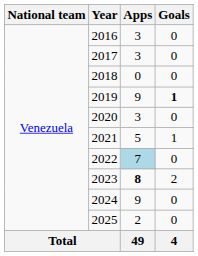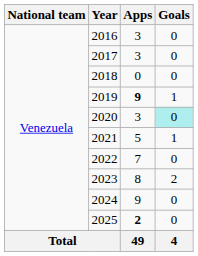 <table class="wikitable" style="text-align:center">
 <tr>
 <th>National team</th>
 <th>Year</th>
 <th>Apps</th>
 <th>Goals</th>
 </tr>
 <tr>
 <td rowspan="10"><a href='#'>Venezuela</a></td>
 <td>2016</td>
 <td>3</td>
 <td>0</td>
 </tr>
 <tr>
 <td>2017</td>
 <td>3</td>
 <td>0</td>
 </tr>
 <tr>
 <td>2018</td>
 <td>0</td>
 <td>0</td>
 </tr>
 <tr>
 <td>2019</td>
-<td>9</td>
-<td><strong>1</strong></td>
+<td><strong>9</strong></td>
+<td>1</td>
 </tr>
 <tr>
 <td>2020</td>
 <td>3</td>
-<td>0</td>
+<td style="background: paleturquoise;">0</td>
 </tr>
 <tr>
 <td>2021</td>
 <td>5</td>
 <td>1</td>
 </tr>
 <tr>
 <td>2022</td>
-<td style="background: lightblue;">7</td>
+<td>7</td>
 <td>0</td>
 </tr>
 <tr>
 <td>2023</td>
-<td><strong>8</strong></td>
+<td>8</td>
 <td>2</td>
 </tr>
 <tr>
 <td>2024</td>
 <td>9</td>
 <td>0</td>
 </tr>
 <tr>
 <td>2025</td>
-<td>2</td>
+<td><strong>2</strong></td>
 <td>0</td>
 </tr>
 <tr>
 <th colspan="2">Total</th>
 <th>49</th>
 <th>4</th>
 </tr>
 </table>
